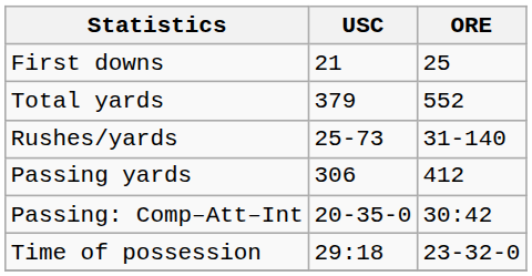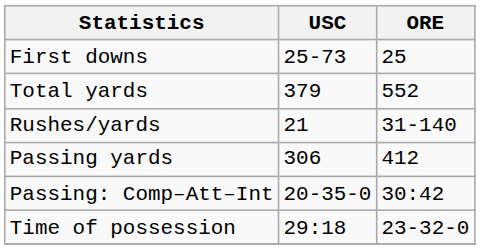 <table class="wikitable" style="float: left;">
 <tr>
 <th>Statistics</th>
 <th>USC</th>
 <th>ORE</th>
 </tr>
 <tr>
 <td>First downs</td>
-<td>21</td>
+<td>25-73</td>
 <td>25</td>
 </tr>
 <tr>
 <td>Total yards</td>
 <td>379</td>
 <td>552</td>
 </tr>
 <tr>
 <td>Rushes/yards</td>
-<td>25-73</td>
+<td>21</td>
 <td>31-140</td>
 </tr>
 <tr>
 <td>Passing yards</td>
 <td>306</td>
 <td>412</td>
 </tr>
 <tr>
 <td>Passing: Comp–Att–Int</td>
 <td>20-35-0</td>
 <td>30:42</td>
 </tr>
 <tr>
 <td>Time of possession</td>
 <td>29:18</td>
 <td>23-32-0</td>
 </tr>
 <tr>
 </tr>
 </table>
